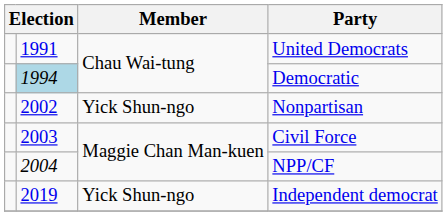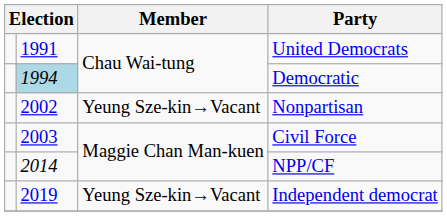 <table class="wikitable">
 <tr>
 <th colspan="2">Election</th>
 <th>Member</th>
 <th>Party</th>
 </tr>
 <tr>
 <td style="color:inherit;background:"></td>
 <td><a href='#'>1991</a></td>
 <td rowspan=2>Chau Wai-tung</td>
 <td><a href='#'>United Democrats</a></td>
 </tr>
 <tr>
 <td style="color:inherit;background:"></td>
 <td style="background: lightblue;"><em>1994</em></td>
 <td><a href='#'>Democratic</a></td>
 </tr>
 <tr>
 <td style="color:inherit;background:"></td>
 <td><a href='#'>2002</a></td>
-<td>Yick Shun-ngo</td>
+<td>Yeung Sze-kin→Vacant</td>
 <td><a href='#'>Nonpartisan</a></td>
 </tr>
 <tr>
 <td style="color:inherit;background:"></td>
 <td><a href='#'>2003</a></td>
 <td rowspan=2>Maggie Chan Man-kuen</td>
 <td><a href='#'>Civil Force</a></td>
 </tr>
 <tr>
 <td style="color:inherit;background:"></td>
-<td><em>2004</em></td>
+<td><em>2014</em></td>
 <td><a href='#'>NPP/CF</a></td>
 </tr>
 <tr>
 <td style="color:inherit;background:"></td>
 <td><a href='#'>2019</a></td>
-<td>Yick Shun-ngo</td>
+<td>Yeung Sze-kin→Vacant</td>
 <td><a href='#'>Independent democrat</a></td>
 </tr>
 <tr>
 </tr>
 </table>
